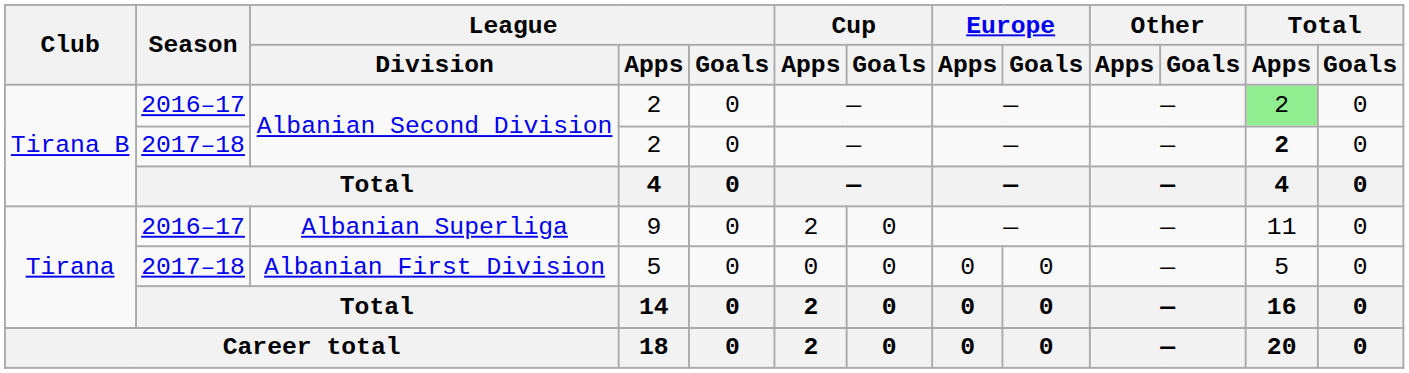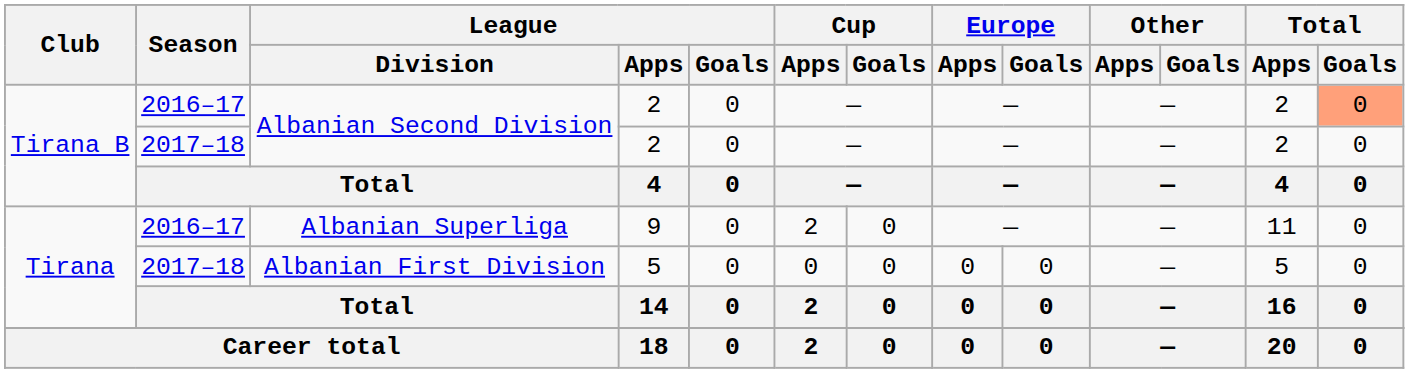 <table class="wikitable" style="text-align:center">
 <tr>
 <th rowspan="2">Club</th>
 <th rowspan="2">Season</th>
 <th colspan="3">League</th>
 <th colspan="2">Cup</th>
 <th colspan="2"><a href='#'>Europe</a></th>
 <th colspan="2">Other</th>
 <th colspan="2">Total</th>
 </tr>
 <tr>
 <th>Division</th>
 <th>Apps</th>
 <th>Goals</th>
 <th>Apps</th>
 <th>Goals</th>
 <th>Apps</th>
 <th>Goals</th>
 <th>Apps</th>
 <th>Goals</th>
 <th>Apps</th>
 <th>Goals</th>
 </tr>
 <tr>
 <td rowspan="3" valign="center"><a href='#'>Tirana B</a></td>
 <td><a href='#'>2016–17</a></td>
 <td rowspan="2"><a href='#'>Albanian Second Division</a></td>
 <td>2</td>
 <td>0</td>
 <td colspan="2">—</td>
 <td colspan="2">—</td>
 <td colspan="2">—</td>
-<td style="background: lightgreen;">2</td>
-<td>0</td>
+<td>2</td>
+<td style="background: lightsalmon;">0</td>
 </tr>
 <tr>
 <td><a href='#'>2017–18</a></td>
 <td>2</td>
 <td>0</td>
 <td colspan="2">—</td>
 <td colspan="2">—</td>
 <td colspan="2">—</td>
-<td><strong>2</strong></td>
+<td>2</td>
 <td>0</td>
 </tr>
 <tr>
 <th colspan="2" valign="center">Total</th>
 <th>4</th>
 <th>0</th>
 <th colspan="2">—</th>
 <th colspan="2">—</th>
 <th colspan="2">—</th>
 <th>4</th>
 <th>0</th>
 </tr>
 <tr>
 <td rowspan="3" valign="center"><a href='#'>Tirana</a></td>
 <td><a href='#'>2016–17</a></td>
 <td rowspan="1"><a href='#'>Albanian Superliga</a></td>
 <td>9</td>
 <td>0</td>
 <td>2</td>
 <td>0</td>
 <td colspan="2">—</td>
 <td colspan="2">—</td>
 <td>11</td>
 <td>0</td>
 </tr>
 <tr>
 <td><a href='#'>2017–18</a></td>
 <td rowspan="1"><a href='#'>Albanian First Division</a></td>
 <td>5</td>
 <td>0</td>
 <td>0</td>
 <td>0</td>
 <td>0</td>
 <td>0</td>
 <td colspan="2">—</td>
 <td>5</td>
 <td>0</td>
 </tr>
 <tr>
 <th colspan="2" valign="center">Total</th>
 <th>14</th>
 <th>0</th>
 <th>2</th>
 <th>0</th>
 <th>0</th>
 <th>0</th>
 <th colspan="2">—</th>
 <th>16</th>
 <th>0</th>
 </tr>
 <tr>
 </tr>
 <tr>
 <th colspan="3">Career total</th>
 <th>18</th>
 <th>0</th>
 <th>2</th>
 <th>0</th>
 <th>0</th>
 <th>0</th>
 <th colspan="2">—</th>
 <th>20</th>
 <th>0</th>
 </tr>
 </table>
